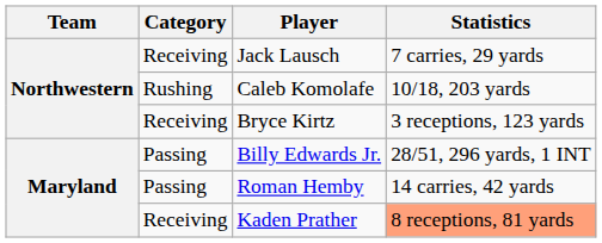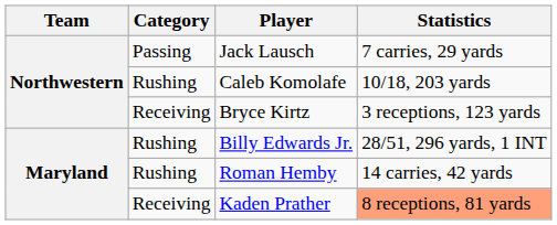 <table class="wikitable" style="float:right">
 <tr>
 <th>Team</th>
 <th>Category</th>
 <th>Player</th>
 <th>Statistics</th>
 </tr>
 <tr>
 <th rowspan=3>Northwestern</th>
-<td>Receiving</td>
+<td>Passing</td>
 <td>Jack Lausch</td>
 <td>7 carries, 29 yards</td>
 </tr>
 <tr>
 <td>Rushing</td>
 <td>Caleb Komolafe</td>
 <td>10/18, 203 yards</td>
 </tr>
 <tr>
 <td>Receiving</td>
 <td>Bryce Kirtz</td>
 <td>3 receptions, 123 yards</td>
 </tr>
 <tr>
 <th rowspan=3>Maryland</th>
-<td>Passing</td>
+<td>Rushing</td>
 <td><a href='#'>Billy Edwards Jr.</a></td>
 <td>28/51, 296 yards, 1 INT</td>
 </tr>
 <tr>
-<td>Passing</td>
+<td>Rushing</td>
 <td><a href='#'>Roman Hemby</a></td>
 <td>14 carries, 42 yards</td>
 </tr>
 <tr>
 <td>Receiving</td>
 <td><a href='#'>Kaden Prather</a></td>
 <td style="background: lightsalmon;">8 receptions, 81 yards</td>
 </tr>
 </table>
